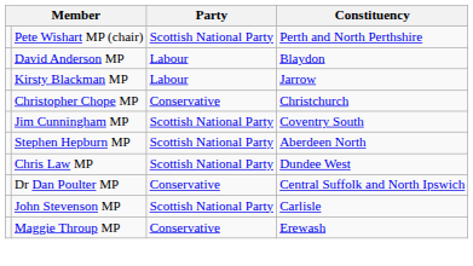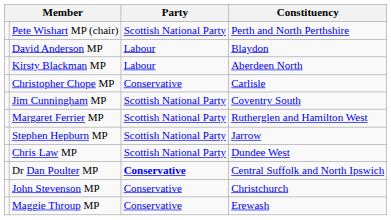 <table class="wikitable">
 <tr>
 <th colspan="2" valign="top">Member</th>
 <th valign="top">Party</th>
 <th valign="top">Constituency</th>
 </tr>
 <tr>
 <td style="color:inherit;background:"></td>
 <td><a href='#'>Pete Wishart</a> MP (chair)</td>
 <td><a href='#'>Scottish National Party</a></td>
 <td><a href='#'>Perth and North Perthshire</a></td>
 </tr>
 <tr>
 <td style="color:inherit;background:"></td>
 <td><a href='#'>David Anderson</a> MP</td>
 <td><a href='#'>Labour</a></td>
 <td><a href='#'>Blaydon</a></td>
 </tr>
 <tr>
 <td style="color:inherit;background:"></td>
 <td><a href='#'>Kirsty Blackman</a> MP</td>
 <td><a href='#'>Labour</a></td>
-<td><a href='#'>Jarrow</a></td>
+<td><a href='#'>Aberdeen North</a></td>
 </tr>
 <tr>
 <td style="color:inherit;background:"></td>
 <td><a href='#'>Christopher Chope</a> MP</td>
 <td><a href='#'>Conservative</a></td>
-<td><a href='#'>Christchurch</a></td>
+<td><a href='#'>Carlisle</a></td>
 </tr>
 <tr>
 <td style="color:inherit;background:"></td>
 <td><a href='#'>Jim Cunningham</a> MP</td>
 <td><a href='#'>Scottish National Party</a></td>
 <td><a href='#'>Coventry South</a></td>
 </tr>
 <tr>
 <td style="color:inherit;background:"></td>
+<td><a href='#'>Margaret Ferrier</a> MP</td>
+<td><a href='#'>Scottish National Party</a></td>
+<td><a href='#'>Rutherglen and Hamilton West</a></td>
+</tr>
+<tr>
+<td style="color:inherit;background:"></td>
 <td><a href='#'>Stephen Hepburn</a> MP</td>
 <td><a href='#'>Scottish National Party</a></td>
-<td><a href='#'>Aberdeen North</a></td>
+<td><a href='#'>Jarrow</a></td>
 </tr>
 <tr>
 <td style="color:inherit;background:"></td>
 <td><a href='#'>Chris Law</a> MP</td>
 <td><a href='#'>Scottish National Party</a></td>
 <td><a href='#'>Dundee West</a></td>
 </tr>
 <tr>
 <td style="color:inherit;background:"></td>
 <td>Dr <a href='#'>Dan Poulter</a> MP</td>
-<td><a href='#'>Conservative</a></td>
+<td><strong><a href='#'>Conservative</a></strong></td>
 <td><a href='#'>Central Suffolk and North Ipswich</a></td>
 </tr>
 <tr>
 <td style="color:inherit;background:"></td>
 <td><a href='#'>John Stevenson</a> MP</td>
-<td><a href='#'>Scottish National Party</a></td>
-<td><a href='#'>Carlisle</a></td>
+<td><a href='#'>Conservative</a></td>
+<td><a href='#'>Christchurch</a></td>
 </tr>
 <tr>
 <td style="color:inherit;background:"></td>
 <td><a href='#'>Maggie Throup</a> MP</td>
 <td><a href='#'>Conservative</a></td>
 <td><a href='#'>Erewash</a></td>
 </tr>
 </table>
